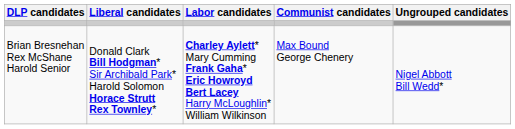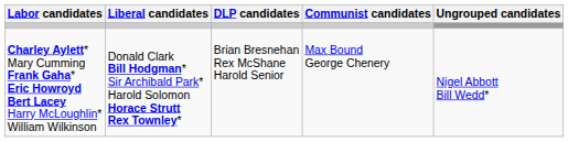 <table class="wikitable">
 <tr>
+<th><a href='#'>Labor</a> candidates</th>
+<th><a href='#'>Liberal</a> candidates</th>
 <th><a href='#'>DLP</a> candidates</th>
-<th><a href='#'>Liberal</a> candidates</th>
-<th><a href='#'>Labor</a> candidates</th>
 <th><a href='#'>Communist</a> candidates</th>
 <th>Ungrouped candidates</th>
 </tr>
 <tr bgcolor="#cccccc">
 <td></td>
 <td></td>
 <td></td>
 <td></td>
 <td bgcolor="#999999"></td>
 </tr>
 <tr>
+<td><br><strong><a href='#'>Charley Aylett</a></strong>*<br> Mary Cumming<br> <strong><a href='#'>Frank Gaha</a></strong>*<br> <strong><a href='#'>Eric Howroyd</a></strong><br> <strong><a href='#'>Bert Lacey</a></strong><br> <a href='#'>Harry McLoughlin</a>*<br> William Wilkinson</td>
+<td><br>Donald Clark<br> <strong><a href='#'>Bill Hodgman</a></strong>*<br> <a href='#'>Sir Archibald Park</a>*<br> Harold Solomon<br> <strong><a href='#'>Horace Strutt</a></strong><br> <strong><a href='#'>Rex Townley</a></strong>*</td>
 <td valign=top><br>Brian Bresnehan<br> Rex McShane<br> Harold Senior</td>
-<td><br>Donald Clark<br> <strong><a href='#'>Bill Hodgman</a></strong>*<br> <a href='#'>Sir Archibald Park</a>*<br> Harold Solomon<br> <strong><a href='#'>Horace Strutt</a></strong><br> <strong><a href='#'>Rex Townley</a></strong>*</td>
-<td><br><strong><a href='#'>Charley Aylett</a></strong>*<br> Mary Cumming<br> <strong><a href='#'>Frank Gaha</a></strong>*<br> <strong><a href='#'>Eric Howroyd</a></strong><br> <strong><a href='#'>Bert Lacey</a></strong><br> <a href='#'>Harry McLoughlin</a>*<br> William Wilkinson</td>
 <td valign=top><br><a href='#'>Max Bound</a><br> George Chenery</td>
 <td><br><a href='#'>Nigel Abbott</a><br> <a href='#'>Bill Wedd</a>*</td>
 </tr>
 </table>
